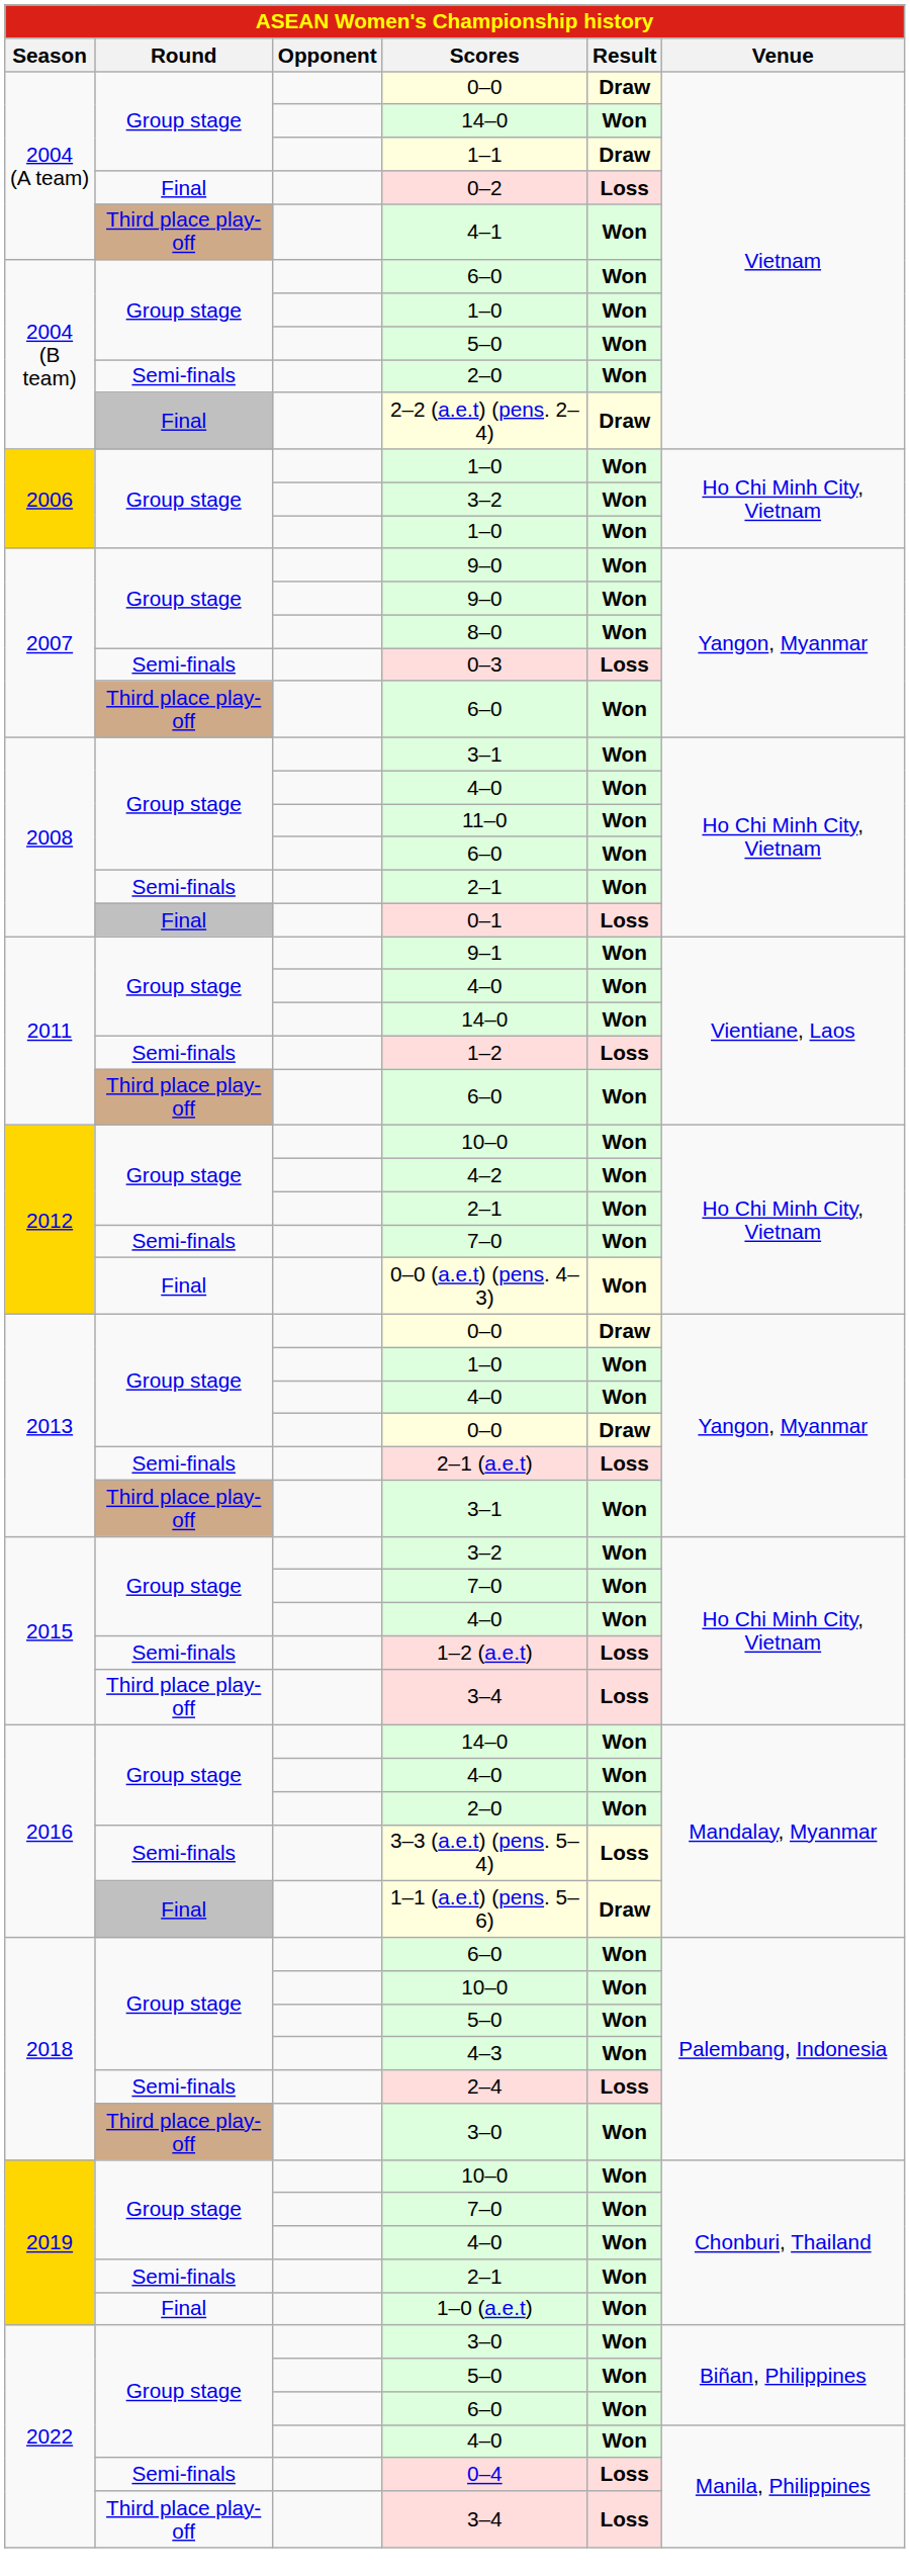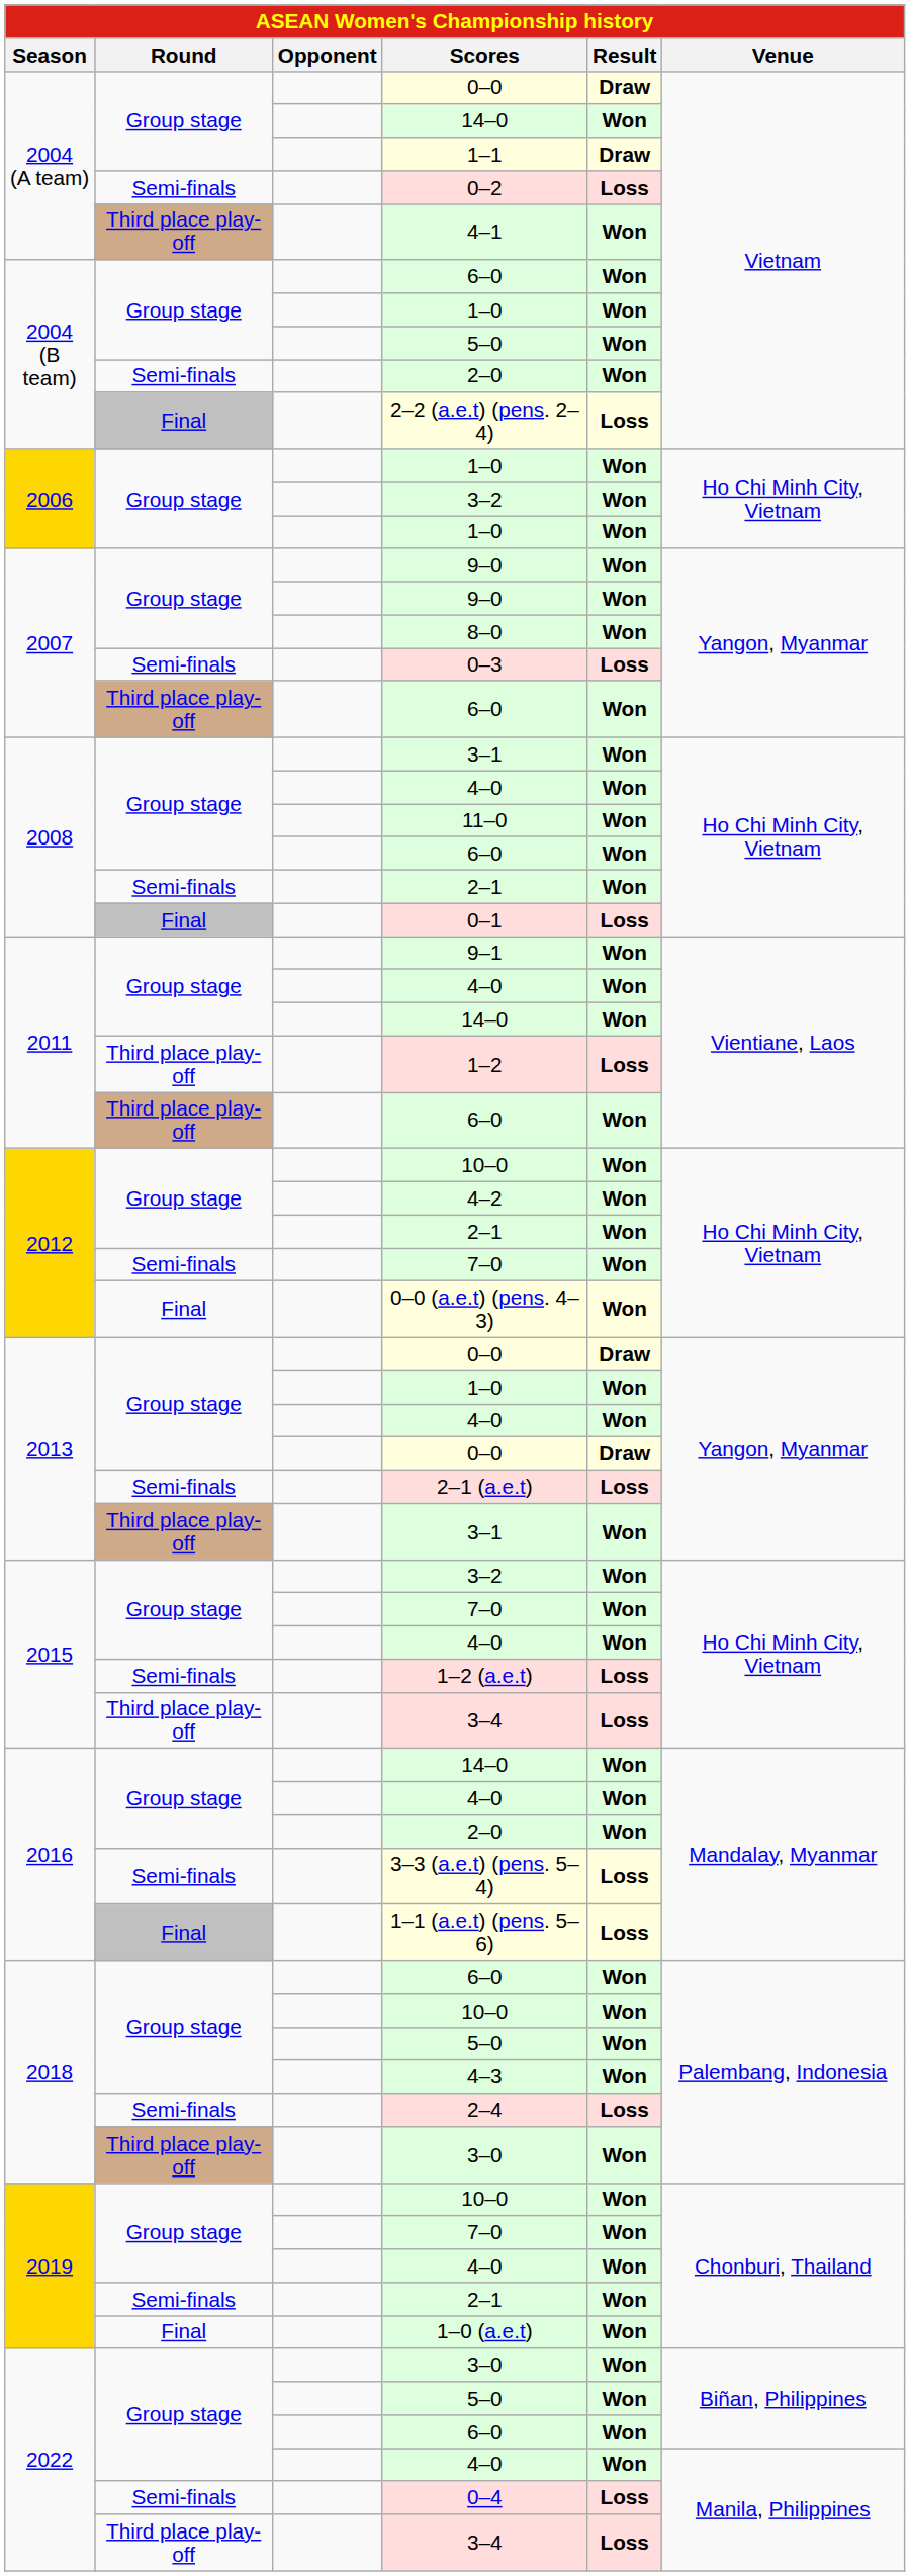 <table class="wikitable collapsible collapsed" style="text-align:center; font-size:90%; width:70%;">
 <tr>
 <th colspan="6" style="background: #DB2017; color: #FFFF00;">ASEAN Women's Championship history</th>
 </tr>
 <tr>
 <th>Season</th>
 <th>Round</th>
 <th>Opponent</th>
 <th>Scores</th>
 <th>Result</th>
 <th>Venue</th>
 </tr>
 <tr>
 <td rowspan=5><a href='#'>2004</a><br>(A team)</td>
 <td rowspan=3><a href='#'>Group stage</a></td>
 <td style="text-align:left"></td>
 <td style="background:#ffd;">0–0</td>
 <td style="background:#ffd;"><strong>Draw</strong></td>
 <td rowspan=10> <a href='#'>Vietnam</a></td>
 </tr>
 <tr>
 <td style="text-align:left"></td>
 <td style="background:#dfd;">14–0</td>
 <td style="background:#dfd;"><strong>Won</strong></td>
 </tr>
 <tr>
 <td style="text-align:left"></td>
 <td style="background:#ffd;">1–1</td>
 <td style="background:#ffd;"><strong>Draw</strong></td>
 </tr>
 <tr>
-<td rowspan=1><a href='#'>Final</a></td>
+<td rowspan=1><a href='#'>Semi-finals</a></td>
 <td style="text-align:left"></td>
 <td style="background:#fdd;">0–2</td>
 <td style="background:#fdd;"><strong>Loss</strong></td>
 </tr>
 <tr>
 <td rowspan=1 style="background:#CFAA88;"><a href='#'>Third place play-off</a></td>
 <td style="text-align:left"></td>
 <td style="background:#dfd;">4–1</td>
 <td style="background:#dfd;"><strong>Won</strong></td>
 </tr>
 <tr>
 <td rowspan=5><a href='#'>2004</a><br>(B team)</td>
 <td rowspan=3><a href='#'>Group stage</a></td>
 <td style="text-align:left"></td>
 <td style="background:#dfd;">6–0</td>
 <td style="background:#dfd;"><strong>Won</strong></td>
 </tr>
 <tr>
 <td style="text-align:left"></td>
 <td style="background:#dfd;">1–0</td>
 <td style="background:#dfd;"><strong>Won</strong></td>
 </tr>
 <tr>
 <td style="text-align:left"></td>
 <td style="background:#dfd;">5–0</td>
 <td style="background:#dfd;"><strong>Won</strong></td>
 </tr>
 <tr>
 <td rowspan=1><a href='#'>Semi-finals</a></td>
 <td style="text-align:left"></td>
 <td style="background:#dfd;">2–0</td>
 <td style="background:#dfd;"><strong>Won</strong></td>
 </tr>
 <tr>
 <td rowspan=1 style="background:silver;"><a href='#'>Final</a></td>
 <td style="text-align:left"></td>
 <td style="background:#ffd;">2–2 (<a href='#'>a.e.t</a>) (<a href='#'>pens</a>. 2–4)</td>
-<td style="background:#ffd;"><strong>Draw</strong></td>
+<td style="background:#ffd;"><strong>Loss</strong></td>
 </tr>
 <tr>
 <td rowspan=3 style="background:gold;"><a href='#'>2006</a></td>
 <td rowspan=3><a href='#'>Group stage</a></td>
 <td style="text-align:left"></td>
 <td style="background:#dfd;">1–0</td>
 <td style="background:#dfd;"><strong>Won</strong></td>
 <td rowspan=3> <a href='#'>Ho Chi Minh City</a>, <a href='#'>Vietnam</a></td>
 </tr>
 <tr>
 <td style="text-align:left"></td>
 <td style="background:#dfd;">3–2</td>
 <td style="background:#dfd;"><strong>Won</strong></td>
 </tr>
 <tr>
 <td style="text-align:left"></td>
 <td style="background:#dfd;">1–0</td>
 <td style="background:#dfd;"><strong>Won</strong></td>
 </tr>
 <tr>
 <td rowspan=5><a href='#'>2007</a></td>
 <td rowspan=3><a href='#'>Group stage</a></td>
 <td style="text-align:left"></td>
 <td style="background:#dfd;">9–0</td>
 <td style="background:#dfd;"><strong>Won</strong></td>
 <td rowspan=5> <a href='#'>Yangon</a>, <a href='#'>Myanmar</a></td>
 </tr>
 <tr>
 <td style="text-align:left"></td>
 <td style="background:#dfd;">9–0</td>
 <td style="background:#dfd;"><strong>Won</strong></td>
 </tr>
 <tr>
 <td style="text-align:left"></td>
 <td style="background:#dfd;">8–0</td>
 <td style="background:#dfd;"><strong>Won</strong></td>
 </tr>
 <tr>
 <td rowspan=1><a href='#'>Semi-finals</a></td>
 <td style="text-align:left"></td>
 <td style="background:#fdd;">0–3</td>
 <td style="background:#fdd;"><strong>Loss</strong></td>
 </tr>
 <tr>
 <td rowspan=1 style="background:#CFAA88;"><a href='#'>Third place play-off</a></td>
 <td style="text-align:left"></td>
 <td style="background:#dfd;">6–0</td>
 <td style="background:#dfd;"><strong>Won</strong></td>
 </tr>
 <tr>
 <td rowspan=6><a href='#'>2008</a></td>
 <td rowspan=4><a href='#'>Group stage</a></td>
 <td style="text-align:left"></td>
 <td style="background:#dfd;">3–1</td>
 <td style="background:#dfd;"><strong>Won</strong></td>
 <td rowspan=6> <a href='#'>Ho Chi Minh City</a>, <a href='#'>Vietnam</a></td>
 </tr>
 <tr>
 <td style="text-align:left"></td>
 <td style="background:#dfd;">4–0</td>
 <td style="background:#dfd;"><strong>Won</strong></td>
 </tr>
 <tr>
 <td style="text-align:left"></td>
 <td style="background:#dfd;">11–0</td>
 <td style="background:#dfd;"><strong>Won</strong></td>
 </tr>
 <tr>
 <td style="text-align:left"></td>
 <td style="background:#dfd;">6–0</td>
 <td style="background:#dfd;"><strong>Won</strong></td>
 </tr>
 <tr>
 <td rowspan=1><a href='#'>Semi-finals</a></td>
 <td style="text-align:left"></td>
 <td style="background:#dfd;">2–1</td>
 <td style="background:#dfd;"><strong>Won</strong></td>
 </tr>
 <tr>
 <td rowspan=1 style="background:silver;"><a href='#'>Final</a></td>
 <td style="text-align:left"></td>
 <td style="background:#fdd;">0–1</td>
 <td style="background:#fdd;"><strong>Loss</strong></td>
 </tr>
 <tr>
 <td rowspan=5><a href='#'>2011</a></td>
 <td rowspan=3><a href='#'>Group stage</a></td>
 <td style="text-align:left"></td>
 <td style="background:#dfd;">9–1</td>
 <td style="background:#dfd;"><strong>Won</strong></td>
 <td rowspan=5> <a href='#'>Vientiane</a>, <a href='#'>Laos</a></td>
 </tr>
 <tr>
 <td style="text-align:left"></td>
 <td style="background:#dfd;">4–0</td>
 <td style="background:#dfd;"><strong>Won</strong></td>
 </tr>
 <tr>
 <td style="text-align:left"></td>
 <td style="background:#dfd;">14–0</td>
 <td style="background:#dfd;"><strong>Won</strong></td>
 </tr>
 <tr>
-<td rowspan=1><a href='#'>Semi-finals</a></td>
+<td><a href='#'>Third place play-off</a></td>
 <td style="text-align:left"></td>
 <td style="background:#fdd;">1–2</td>
 <td style="background:#fdd;"><strong>Loss</strong></td>
 </tr>
 <tr>
 <td rowspan=1 style="background:#CFAA88;"><a href='#'>Third place play-off</a></td>
 <td style="text-align:left"></td>
 <td style="background:#dfd;">6–0</td>
 <td style="background:#dfd;"><strong>Won</strong></td>
 </tr>
 <tr>
 <td rowspan=5 style="background:gold;"><a href='#'>2012</a></td>
 <td rowspan=3><a href='#'>Group stage</a></td>
 <td style="text-align:left"></td>
 <td style="background:#dfd;">10–0</td>
 <td style="background:#dfd;"><strong>Won</strong></td>
 <td rowspan=5> <a href='#'>Ho Chi Minh City</a>, <a href='#'>Vietnam</a></td>
 </tr>
 <tr>
 <td style="text-align:left"></td>
 <td style="background:#dfd;">4–2</td>
 <td style="background:#dfd;"><strong>Won</strong></td>
 </tr>
 <tr>
 <td style="text-align:left"></td>
 <td style="background:#dfd;">2–1</td>
 <td style="background:#dfd;"><strong>Won</strong></td>
 </tr>
 <tr>
 <td rowspan=1><a href='#'>Semi-finals</a></td>
 <td style="text-align:left"></td>
 <td style="background:#dfd;">7–0</td>
 <td style="background:#dfd;"><strong>Won</strong></td>
 </tr>
 <tr>
 <td rowspan=1><a href='#'>Final</a></td>
 <td style="text-align:left"></td>
 <td style="background:#ffd;">0–0 (<a href='#'>a.e.t</a>) (<a href='#'>pens</a>. 4–3)</td>
 <td style="background:#ffd;"><strong>Won</strong></td>
 </tr>
 <tr>
 <td rowspan=6><a href='#'>2013</a></td>
 <td rowspan=4><a href='#'>Group stage</a></td>
 <td style="text-align:left"></td>
 <td style="background:#ffd;">0–0</td>
 <td style="background:#ffd;"><strong>Draw</strong></td>
 <td rowspan=6> <a href='#'>Yangon</a>, <a href='#'>Myanmar</a></td>
 </tr>
 <tr>
 <td style="text-align:left"></td>
 <td style="background:#dfd;">1–0</td>
 <td style="background:#dfd;"><strong>Won</strong></td>
 </tr>
 <tr>
 <td style="text-align:left"></td>
 <td style="background:#dfd;">4–0</td>
 <td style="background:#dfd;"><strong>Won</strong></td>
 </tr>
 <tr>
 <td style="text-align:left"></td>
 <td style="background:#ffd;">0–0</td>
 <td style="background:#ffd;"><strong>Draw</strong></td>
 </tr>
 <tr>
 <td rowspan=1><a href='#'>Semi-finals</a></td>
 <td style="text-align:left"></td>
 <td style="background:#fdd;">2–1 (<a href='#'>a.e.t</a>)</td>
 <td style="background:#fdd;"><strong>Loss</strong></td>
 </tr>
 <tr>
 <td rowspan=1 style="background:#CFAA88;"><a href='#'>Third place play-off</a></td>
 <td style="text-align:left"></td>
 <td style="background:#dfd;">3–1</td>
 <td style="background:#dfd;"><strong>Won</strong></td>
 </tr>
 <tr>
 <td rowspan=5><a href='#'>2015</a></td>
 <td rowspan=3><a href='#'>Group stage</a></td>
 <td style="text-align:left"></td>
 <td style="background:#dfd;">3–2</td>
 <td style="background:#dfd;"><strong>Won</strong></td>
 <td rowspan=5> <a href='#'>Ho Chi Minh City</a>, <a href='#'>Vietnam</a></td>
 </tr>
 <tr>
 <td style="text-align:left"></td>
 <td style="background:#dfd;">7–0</td>
 <td style="background:#dfd;"><strong>Won</strong></td>
 </tr>
 <tr>
 <td style="text-align:left"></td>
 <td style="background:#dfd;">4–0</td>
 <td style="background:#dfd;"><strong>Won</strong></td>
 </tr>
 <tr>
 <td rowspan=1><a href='#'>Semi-finals</a></td>
 <td style="text-align:left"></td>
 <td style="background:#fdd;">1–2 (<a href='#'>a.e.t</a>)</td>
 <td style="background:#fdd;"><strong>Loss</strong></td>
 </tr>
 <tr>
 <td rowspan=1><a href='#'>Third place play-off</a></td>
 <td style="text-align:left"></td>
 <td style="background:#fdd;">3–4</td>
 <td style="background:#fdd;"><strong>Loss</strong></td>
 </tr>
 <tr>
 <td rowspan=5><a href='#'>2016</a></td>
 <td rowspan=3><a href='#'>Group stage</a></td>
 <td style="text-align:left"></td>
 <td style="background:#dfd;">14–0</td>
 <td style="background:#dfd;"><strong>Won</strong></td>
 <td rowspan=5> <a href='#'>Mandalay</a>, <a href='#'>Myanmar</a></td>
 </tr>
 <tr>
 <td style="text-align:left"></td>
 <td style="background:#dfd;">4–0</td>
 <td style="background:#dfd;"><strong>Won</strong></td>
 </tr>
 <tr>
 <td style="text-align:left"></td>
 <td style="background:#dfd;">2–0</td>
 <td style="background:#dfd;"><strong>Won</strong></td>
 </tr>
 <tr>
 <td rowspan=1><a href='#'>Semi-finals</a></td>
 <td style="text-align:left"></td>
 <td style="background:#ffd;">3–3 (<a href='#'>a.e.t</a>) (<a href='#'>pens</a>. 5–4)</td>
 <td style="background:#ffd;"><strong>Loss</strong></td>
 </tr>
 <tr>
 <td rowspan=1 style="background:silver;"><a href='#'>Final</a></td>
 <td style="text-align:left"></td>
 <td style="background:#ffd;">1–1 (<a href='#'>a.e.t</a>) (<a href='#'>pens</a>. 5–6)</td>
-<td style="background:#ffd;"><strong>Draw</strong></td>
+<td style="background:#ffd;"><strong>Loss</strong></td>
 </tr>
 <tr>
 <td rowspan=6><a href='#'>2018</a></td>
 <td rowspan=4><a href='#'>Group stage</a></td>
 <td style="text-align:left"></td>
 <td style="background:#dfd;">6–0</td>
 <td style="background:#dfd;"><strong>Won</strong></td>
 <td rowspan=6> <a href='#'>Palembang</a>, <a href='#'>Indonesia</a></td>
 </tr>
 <tr>
 <td style="text-align:left"></td>
 <td style="background:#dfd;">10–0</td>
 <td style="background:#dfd;"><strong>Won</strong></td>
 </tr>
 <tr>
 <td style="text-align:left"></td>
 <td style="background:#dfd;">5–0</td>
 <td style="background:#dfd;"><strong>Won</strong></td>
 </tr>
 <tr>
 <td style="text-align:left"></td>
 <td style="background:#dfd;">4–3</td>
 <td style="background:#dfd;"><strong>Won</strong></td>
 </tr>
 <tr>
 <td rowspan=1><a href='#'>Semi-finals</a></td>
 <td style="text-align:left"></td>
 <td style="background:#fdd;">2–4</td>
 <td style="background:#fdd;"><strong>Loss</strong></td>
 </tr>
 <tr>
 <td rowspan=1 style="background:#CFAA88;"><a href='#'>Third place play-off</a></td>
 <td style="text-align:left"></td>
 <td style="background:#dfd;">3–0</td>
 <td style="background:#dfd;"><strong>Won</strong></td>
 </tr>
 <tr>
 <td rowspan=5 style="background:gold;"><a href='#'>2019</a></td>
 <td rowspan=3><a href='#'>Group stage</a></td>
 <td style="text-align:left"></td>
 <td style="background:#dfd;">10–0</td>
 <td style="background:#dfd;"><strong>Won</strong></td>
 <td rowspan=5> <a href='#'>Chonburi</a>, <a href='#'>Thailand</a></td>
 </tr>
 <tr>
 <td style="text-align:left"></td>
 <td style="background:#dfd;">7–0</td>
 <td style="background:#dfd;"><strong>Won</strong></td>
 </tr>
 <tr>
 <td style="text-align:left"></td>
 <td style="background:#dfd;">4–0</td>
 <td style="background:#dfd;"><strong>Won</strong></td>
 </tr>
 <tr>
 <td rowspan=1><a href='#'>Semi-finals</a></td>
 <td style="text-align:left"></td>
 <td style="background:#dfd;">2–1</td>
 <td style="background:#dfd;"><strong>Won</strong></td>
 </tr>
 <tr>
 <td rowspan=1><a href='#'>Final</a></td>
 <td style="text-align:left"></td>
 <td style="background:#dfd;">1–0 (<a href='#'>a.e.t</a>)</td>
 <td style="background:#dfd;"><strong>Won</strong></td>
 </tr>
 <tr>
 <td rowspan=6><a href='#'>2022</a></td>
 <td rowspan=4><a href='#'>Group stage</a></td>
 <td style="text-align:left"></td>
 <td style="background:#dfd;">3–0</td>
 <td style="background:#dfd;"><strong>Won</strong></td>
 <td rowspan=3> <a href='#'>Biñan</a>, <a href='#'>Philippines</a></td>
 </tr>
 <tr>
 <td style="text-align:left"></td>
 <td style="background:#dfd;">5–0</td>
 <td style="background:#dfd;"><strong>Won</strong></td>
 </tr>
 <tr>
 <td style="text-align:left"></td>
 <td style="background:#dfd;">6–0</td>
 <td style="background:#dfd;"><strong>Won</strong></td>
 </tr>
 <tr>
 <td style="text-align:left"></td>
 <td style="background:#dfd;">4–0</td>
 <td style="background:#dfd;"><strong>Won</strong></td>
 <td rowspan=3> <a href='#'>Manila</a>, <a href='#'>Philippines</a></td>
 </tr>
 <tr>
 <td><a href='#'>Semi-finals</a></td>
 <td style="text-align:left"></td>
 <td style="background:#fdd;"><a href='#'>0–4</a></td>
 <td style="background:#fdd;"><strong>Loss</strong></td>
 </tr>
 <tr>
 <td><a href='#'>Third place play-off</a></td>
 <td style="text-align:left"></td>
 <td style="background:#fdd;">3–4</td>
 <td style="background:#fdd;"><strong>Loss</strong></td>
 </tr>
 </table>
